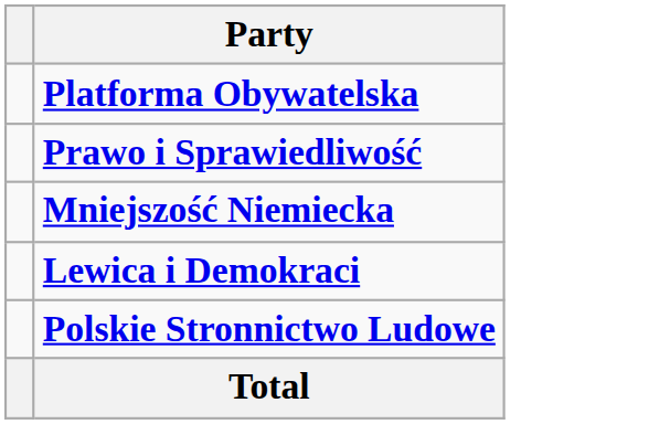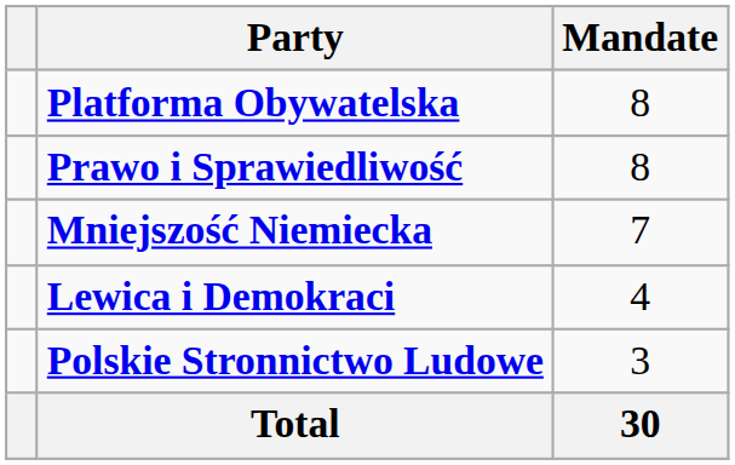 <table class="wikitable">
 <tr>
 <th width=5></th>
 <th>Party</th>
+<th>Mandate</th>
 </tr>
 <tr>
 <td style="background:"></td>
 <td><strong><a href='#'>Platforma Obywatelska</a></strong></td>
+<td align="center">8</td>
 </tr>
 <tr>
 <td style="background:"></td>
 <td><strong><a href='#'>Prawo i Sprawiedliwość</a></strong></td>
+<td align="center">8</td>
 </tr>
 <tr>
 <td style="background:"></td>
 <td><strong><a href='#'>Mniejszość Niemiecka</a></strong></td>
+<td align="center">7</td>
 </tr>
 <tr>
 <td style="background:"></td>
 <td><strong><a href='#'>Lewica i Demokraci</a></strong></td>
+<td align="center">4</td>
 </tr>
 <tr>
 <td style="background:"></td>
 <td><strong><a href='#'>Polskie Stronnictwo Ludowe</a></strong></td>
+<td align="center">3</td>
 </tr>
 <tr bgcolor="#ececec">
 <th></th>
 <th>Total</th>
+<th align="center">30</th>
 </tr>
 </table>
